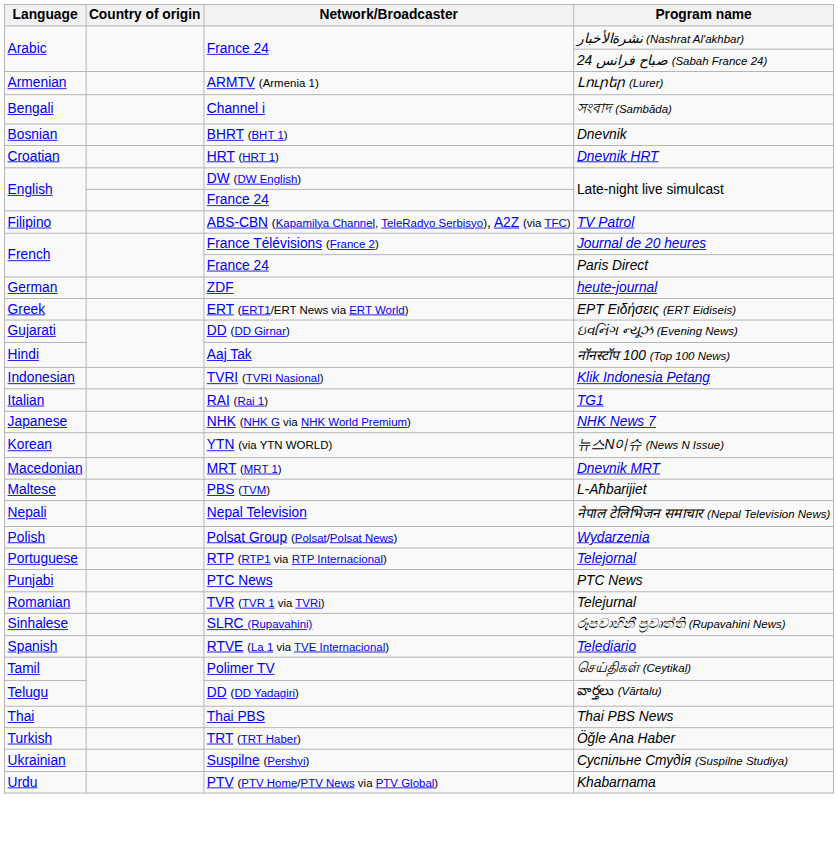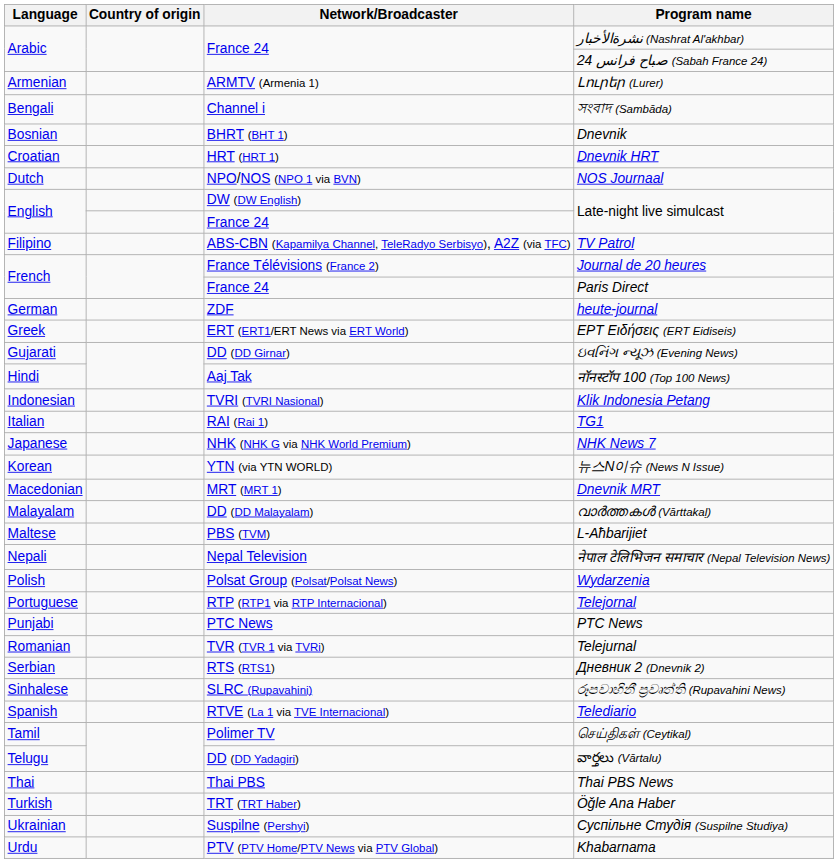 <table class="wikitable">
 <tr>
 <th>Language</th>
 <th>Country of origin</th>
 <th>Network/Broadcaster</th>
 <th>Program name</th>
 </tr>
 <tr>
 <td rowspan="2"><a href='#'>Arabic</a></td>
 <td rowspan="2"></td>
 <td rowspan="2"><a href='#'>France 24</a></td>
 <td><em>نشرةالأخبار <small>(Nashrat Al'akhbar)</small></em></td>
 </tr>
 <tr>
 <td><em>صباح فرانس 24 <small>(Sabah France 24)</small></em></td>
 </tr>
 <tr>
 <td><a href='#'>Armenian</a></td>
 <td></td>
 <td><a href='#'>ARMTV</a> <small>(Armenia 1)</small></td>
 <td><em>Լուրեր <small>(Lurer)</small></em></td>
 </tr>
 <tr>
 <td><a href='#'>Bengali</a></td>
 <td></td>
 <td><a href='#'>Channel i</a></td>
 <td><em>সংবাদ <small>(Sambāda)</small></em></td>
 </tr>
 <tr>
 <td><a href='#'>Bosnian</a></td>
 <td></td>
 <td><a href='#'>BHRT</a> <small>(<a href='#'>BHT 1</a>)</small></td>
 <td><em>Dnevnik</em></td>
 </tr>
 <tr>
 <td><a href='#'>Croatian</a></td>
 <td></td>
 <td><a href='#'>HRT</a> <small>(<a href='#'>HRT 1</a>)</small></td>
 <td><em><a href='#'>Dnevnik HRT</a></em></td>
+</tr>
+<tr>
+<td><a href='#'>Dutch</a></td>
+<td></td>
+<td><a href='#'>NPO</a>/<a href='#'>NOS</a> <small>(<a href='#'>NPO 1</a> via <a href='#'>BVN</a>)</small></td>
+<td><em><a href='#'>NOS Journaal</a></em></td>
 </tr>
 <tr>
 <td rowspan="2"><a href='#'>English</a></td>
 <td></td>
 <td><a href='#'>DW</a> <small>(<a href='#'>DW English</a>)</small></td>
 <td rowspan="2">Late-night live simulcast</td>
 </tr>
 <tr>
 <td></td>
 <td><a href='#'>France 24</a></td>
 </tr>
 <tr>
 <td><a href='#'>Filipino</a></td>
 <td></td>
 <td><a href='#'>ABS-CBN</a> <small>(<a href='#'>Kapamilya Channel</a>, <a href='#'>TeleRadyo Serbisyo</a>)</small>, <a href='#'>A2Z</a> <small>(via <a href='#'>TFC</a>)</small></td>
 <td><em><a href='#'>TV Patrol</a></em></td>
 </tr>
 <tr>
 <td rowspan="2"><a href='#'>French</a></td>
 <td rowspan="2"></td>
 <td><a href='#'>France Télévisions</a> <small>(<a href='#'>France 2</a>)</small></td>
 <td><em><a href='#'>Journal de 20 heures</a></em></td>
 </tr>
 <tr>
 <td><a href='#'>France 24</a></td>
 <td><em>Paris Direct</em></td>
 </tr>
 <tr>
 <td><a href='#'>German</a></td>
 <td></td>
 <td><a href='#'>ZDF</a></td>
 <td><em><a href='#'>heute-journal</a></em></td>
 </tr>
 <tr>
 <td><a href='#'>Greek</a></td>
 <td></td>
 <td><a href='#'>ERT</a> <small>(<a href='#'>ERT1</a>/ERT News via <a href='#'>ERT World</a>)</small></td>
 <td><em>ΕΡΤ Ειδήσεις <small>(ERT Eidiseis)</small></em></td>
 </tr>
 <tr>
 <td><a href='#'>Gujarati</a></td>
 <td rowspan="2"></td>
 <td><a href='#'>DD</a> <small>(<a href='#'>DD Girnar</a>)</small></td>
 <td><em>ઇવનિંગ ન્યૂઝ <small>(Evening News)</small></em></td>
 </tr>
 <tr>
 <td><a href='#'>Hindi</a></td>
 <td><a href='#'>Aaj Tak</a></td>
 <td><em>नॉनस्टॉप 100 <small>(Top 100 News)</small></em></td>
 </tr>
 <tr>
 <td><a href='#'>Indonesian</a></td>
 <td></td>
 <td><a href='#'>TVRI</a> <small>(<a href='#'>TVRI Nasional</a>)</small></td>
 <td><em><a href='#'>Klik Indonesia Petang</a></em></td>
 </tr>
 <tr>
 <td><a href='#'>Italian</a></td>
 <td></td>
 <td><a href='#'>RAI</a> <small>(<a href='#'>Rai 1</a>)</small></td>
 <td><em><a href='#'>TG1</a></em></td>
 </tr>
 <tr>
 <td><a href='#'>Japanese</a></td>
 <td></td>
 <td><a href='#'>NHK</a> <small>(<a href='#'>NHK G</a> via <a href='#'>NHK World Premium</a>)</small></td>
 <td><em><a href='#'>NHK News 7</a></em></td>
 </tr>
 <tr>
 <td><a href='#'>Korean</a></td>
 <td></td>
 <td><a href='#'>YTN</a> <small>(via YTN WORLD)</small></td>
 <td><em>뉴스N이슈 <small>(News N Issue)</small></em></td>
 </tr>
 <tr>
 <td><a href='#'>Macedonian</a></td>
 <td></td>
 <td><a href='#'>MRT</a> <small>(<a href='#'>MRT 1</a>)</small></td>
 <td><em><a href='#'>Dnevnik MRT</a></em></td>
 </tr>
 <tr>
+<td><a href='#'>Malayalam</a></td>
+<td></td>
+<td><a href='#'>DD</a> <small>(<a href='#'>DD Malayalam</a>)</small></td>
+<td><em>വാർത്തകൾ <small>(Vārttakaḷ)</small></em></td>
+</tr>
+<tr>
 <td><a href='#'>Maltese</a></td>
 <td></td>
 <td><a href='#'>PBS</a> <small>(<a href='#'>TVM</a>)</small></td>
 <td><em>L-Aħbarijiet</em></td>
 </tr>
 <tr>
 <td><a href='#'>Nepali</a></td>
 <td></td>
 <td><a href='#'>Nepal Television</a></td>
 <td><em>नेपाल टेलिभिजन समाचार <small>(Nepal Television News)</small></em></td>
 </tr>
 <tr>
 <td><a href='#'>Polish</a></td>
 <td></td>
 <td><a href='#'>Polsat Group</a> <small>(<a href='#'>Polsat</a>/<a href='#'>Polsat News</a>)</small></td>
 <td><em><a href='#'>Wydarzenia</a></em></td>
 </tr>
 <tr>
 <td><a href='#'>Portuguese</a></td>
 <td></td>
 <td><a href='#'>RTP</a> <small>(<a href='#'>RTP1</a> via <a href='#'>RTP Internacional</a>)</small></td>
 <td><em><a href='#'>Telejornal</a></em></td>
 </tr>
 <tr>
 <td><a href='#'>Punjabi</a></td>
 <td></td>
 <td><a href='#'>PTC News</a></td>
 <td><em>PTC News</em></td>
 </tr>
 <tr>
 <td><a href='#'>Romanian</a></td>
 <td></td>
 <td><a href='#'>TVR</a> <small>(<a href='#'>TVR 1</a> via <a href='#'>TVRi</a>)</small></td>
 <td><em>Telejurnal</em></td>
+</tr>
+<tr>
+<td><a href='#'>Serbian</a></td>
+<td></td>
+<td><a href='#'>RTS</a> <small>(<a href='#'>RTS1</a>)</small></td>
+<td><em>Дневник 2 <small>(Dnevnik 2)</small></em></td>
 </tr>
 <tr>
 <td><a href='#'>Sinhalese</a></td>
 <td></td>
 <td><a href='#'>SLRC <small>(Rupavahini)</small></a></td>
 <td><em>රූපවාහිනී ප්‍රවෘත්ති <small>(Rupavahini News)</small></em></td>
 </tr>
 <tr>
 <td><a href='#'>Spanish</a></td>
 <td></td>
 <td><a href='#'>RTVE</a> <small>(<a href='#'>La 1</a> via <a href='#'>TVE Internacional</a>)</small></td>
 <td><em><a href='#'>Telediario</a></em></td>
 </tr>
 <tr>
 <td><a href='#'>Tamil</a></td>
 <td rowspan="2"></td>
 <td><a href='#'>Polimer TV</a></td>
 <td><em>செய்திகள் <small>(Ceytikaḷ)</small></em></td>
 </tr>
 <tr>
 <td><a href='#'>Telugu</a></td>
 <td><a href='#'>DD</a> <small>(<a href='#'>DD Yadagiri</a>)</small></td>
 <td>వార్తలు <small><em>(Vārtalu)</em></small></td>
 </tr>
 <tr>
 <td><a href='#'>Thai</a></td>
 <td></td>
 <td><a href='#'>Thai PBS</a></td>
 <td><em>Thai PBS News</em></td>
 </tr>
 <tr>
 <td><a href='#'>Turkish</a></td>
 <td></td>
 <td><a href='#'>TRT</a> <small>(<a href='#'>TRT Haber</a>)</small></td>
 <td><em>Öǧle Ana Haber</em></td>
 </tr>
 <tr>
 <td><a href='#'>Ukrainian</a></td>
 <td></td>
 <td><a href='#'>Suspilne</a> <small>(<a href='#'>Pershyi</a>)</small></td>
 <td><em>Суспільне Студія <small>(Suspilne Studiya)</small></em></td>
 </tr>
 <tr>
 <td><a href='#'>Urdu</a></td>
 <td></td>
 <td><a href='#'>PTV</a> <small>(<a href='#'>PTV Home</a>/<a href='#'>PTV News</a> via <a href='#'>PTV Global</a>)</small></td>
 <td><em>Khabarnama</em></td>
 </tr>
 </table>
